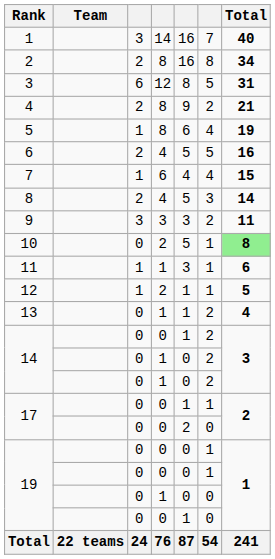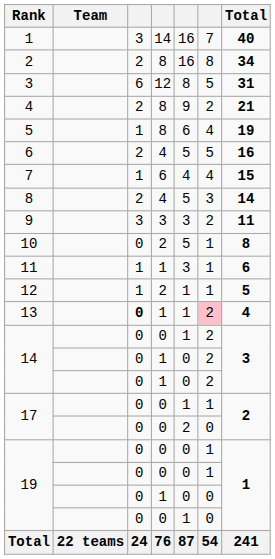 <table class="wikitable sortable" style="text-align:center">
 <tr>
 <th>Rank</th>
 <th>Team</th>
 <th></th>
 <th></th>
 <th></th>
 <th></th>
 <th>Total</th>
 </tr>
 <tr>
 <td>1</td>
 <td align=left></td>
 <td>3</td>
 <td>14</td>
 <td>16</td>
 <td>7</td>
 <td><strong>40</strong></td>
 </tr>
 <tr>
 <td>2</td>
 <td align=left></td>
 <td>2</td>
 <td>8</td>
 <td>16</td>
 <td>8</td>
 <td><strong>34</strong></td>
 </tr>
 <tr>
 <td>3</td>
 <td align=left></td>
 <td>6</td>
 <td>12</td>
 <td>8</td>
 <td>5</td>
 <td><strong>31</strong></td>
 </tr>
 <tr>
 <td>4</td>
 <td align=left></td>
 <td>2</td>
 <td>8</td>
 <td>9</td>
 <td>2</td>
 <td><strong>21</strong></td>
 </tr>
 <tr>
 <td>5</td>
 <td align=left></td>
 <td>1</td>
 <td>8</td>
 <td>6</td>
 <td>4</td>
 <td><strong>19</strong></td>
 </tr>
 <tr>
 <td>6</td>
 <td align=left></td>
 <td>2</td>
 <td>4</td>
 <td>5</td>
 <td>5</td>
 <td><strong>16</strong></td>
 </tr>
 <tr>
 <td>7</td>
 <td align=left></td>
 <td>1</td>
 <td>6</td>
 <td>4</td>
 <td>4</td>
 <td><strong>15</strong></td>
 </tr>
 <tr>
 <td>8</td>
 <td align=left></td>
 <td>2</td>
 <td>4</td>
 <td>5</td>
 <td>3</td>
 <td><strong>14</strong></td>
 </tr>
 <tr>
 <td>9</td>
 <td align=left></td>
 <td>3</td>
 <td>3</td>
 <td>3</td>
 <td>2</td>
 <td><strong>11</strong></td>
 </tr>
 <tr>
 <td>10</td>
 <td align=left></td>
 <td>0</td>
 <td>2</td>
 <td>5</td>
 <td>1</td>
-<td style="background: lightgreen;"><strong>8</strong></td>
+<td><strong>8</strong></td>
 </tr>
 <tr>
 <td>11</td>
 <td align=left></td>
 <td>1</td>
 <td>1</td>
 <td>3</td>
 <td>1</td>
 <td><strong>6</strong></td>
 </tr>
 <tr>
 <td>12</td>
 <td align=left></td>
 <td>1</td>
 <td>2</td>
 <td>1</td>
 <td>1</td>
 <td><strong>5</strong></td>
 </tr>
 <tr>
 <td>13</td>
 <td align=left></td>
-<td>0</td>
+<td><strong>0</strong></td>
 <td>1</td>
 <td>1</td>
-<td>2</td>
+<td style="background: pink;">2</td>
 <td><strong>4</strong></td>
 </tr>
 <tr>
 <td rowspan=3>14</td>
 <td align=left></td>
 <td>0</td>
 <td>0</td>
 <td>1</td>
 <td>2</td>
 <td rowspan=3><strong>3</strong></td>
 </tr>
 <tr>
 <td align=left></td>
 <td>0</td>
 <td>1</td>
 <td>0</td>
 <td>2</td>
 </tr>
 <tr>
 <td align=left></td>
 <td>0</td>
 <td>1</td>
 <td>0</td>
 <td>2</td>
 </tr>
 <tr>
 <td rowspan=2>17</td>
 <td align=left></td>
 <td>0</td>
 <td>0</td>
 <td>1</td>
 <td>1</td>
 <td rowspan=2><strong>2</strong></td>
 </tr>
 <tr>
 <td align=left></td>
 <td>0</td>
 <td>0</td>
 <td>2</td>
 <td>0</td>
 </tr>
 <tr>
 <td rowspan=4>19</td>
 <td align=left></td>
 <td>0</td>
 <td>0</td>
 <td>0</td>
 <td>1</td>
 <td rowspan="4"><strong>1</strong></td>
 </tr>
 <tr>
 <td align=left></td>
 <td>0</td>
 <td>0</td>
 <td>0</td>
 <td>1</td>
 </tr>
 <tr>
 <td align=left></td>
 <td>0</td>
 <td>1</td>
 <td>0</td>
 <td>0</td>
 </tr>
 <tr>
 <td align=left></td>
 <td>0</td>
 <td>0</td>
 <td>1</td>
 <td>0</td>
 </tr>
 <tr>
 <th><strong>Total</strong></th>
 <th>22 teams</th>
 <th>24</th>
 <th>76</th>
 <th>87</th>
 <th>54</th>
 <th>241</th>
 </tr>
 </table>
